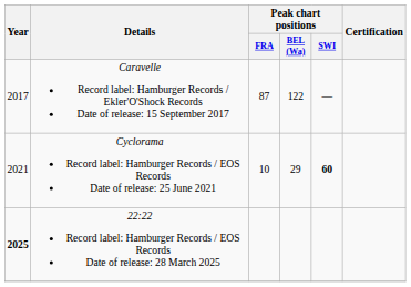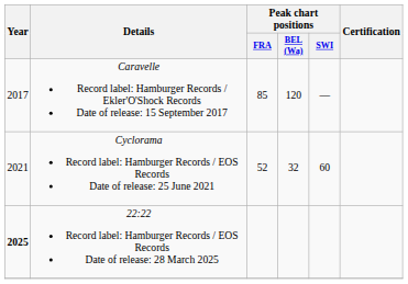 <table class="wikitable plainrowheaders" style="text-align:center;">
 <tr>
 <th scope=col rowspan=2 style="width:1em;">Year</th>
 <th scope=col rowspan=2 style="width:20em;">Details</th>
 <th scope=col colspan=3>Peak chart positions</th>
 <th scope=col rowspan=2>Certification</th>
 </tr>
 <tr>
 <th scope=col style="width:3em;font-size:85%;"><a href='#'>FRA</a><br></th>
 <th scope=col style="width:3em;font-size:85%;"><a href='#'>BEL<br>(Wa)</a><br></th>
 <th scope=col style="width:3em;font-size:85%;"><a href='#'>SWI</a><br></th>
 </tr>
 <tr>
 <td>2017</td>
 <td><em>Caravelle</em><br><ul><li>Record label: Hamburger Records / Ekler'O'Shock Records</li><li>Date of release: 15 September 2017</li></ul></td>
-<td>87</td>
-<td>122</td>
+<td>85</td>
+<td>120</td>
 <td>—</td>
 <td></td>
 </tr>
 <tr>
 <td>2021</td>
 <td><em>Cyclorama</em><br><ul><li>Record label: Hamburger Records / EOS Records</li><li>Date of release: 25 June 2021</li></ul></td>
-<td>10</td>
-<td>29</td>
-<td><strong>60</strong></td>
+<td>52</td>
+<td>32</td>
+<td>60</td>
 <td></td>
 </tr>
 <tr>
 <td><strong>2025</strong></td>
 <td><em>22:22</em><br><ul><li>Record label: Hamburger Records / EOS Records</li><li>Date of release: 28 March 2025</li></ul></td>
 <td></td>
 <td></td>
 <td></td>
 <td></td>
 </tr>
 <tr>
 </tr>
 </table>
